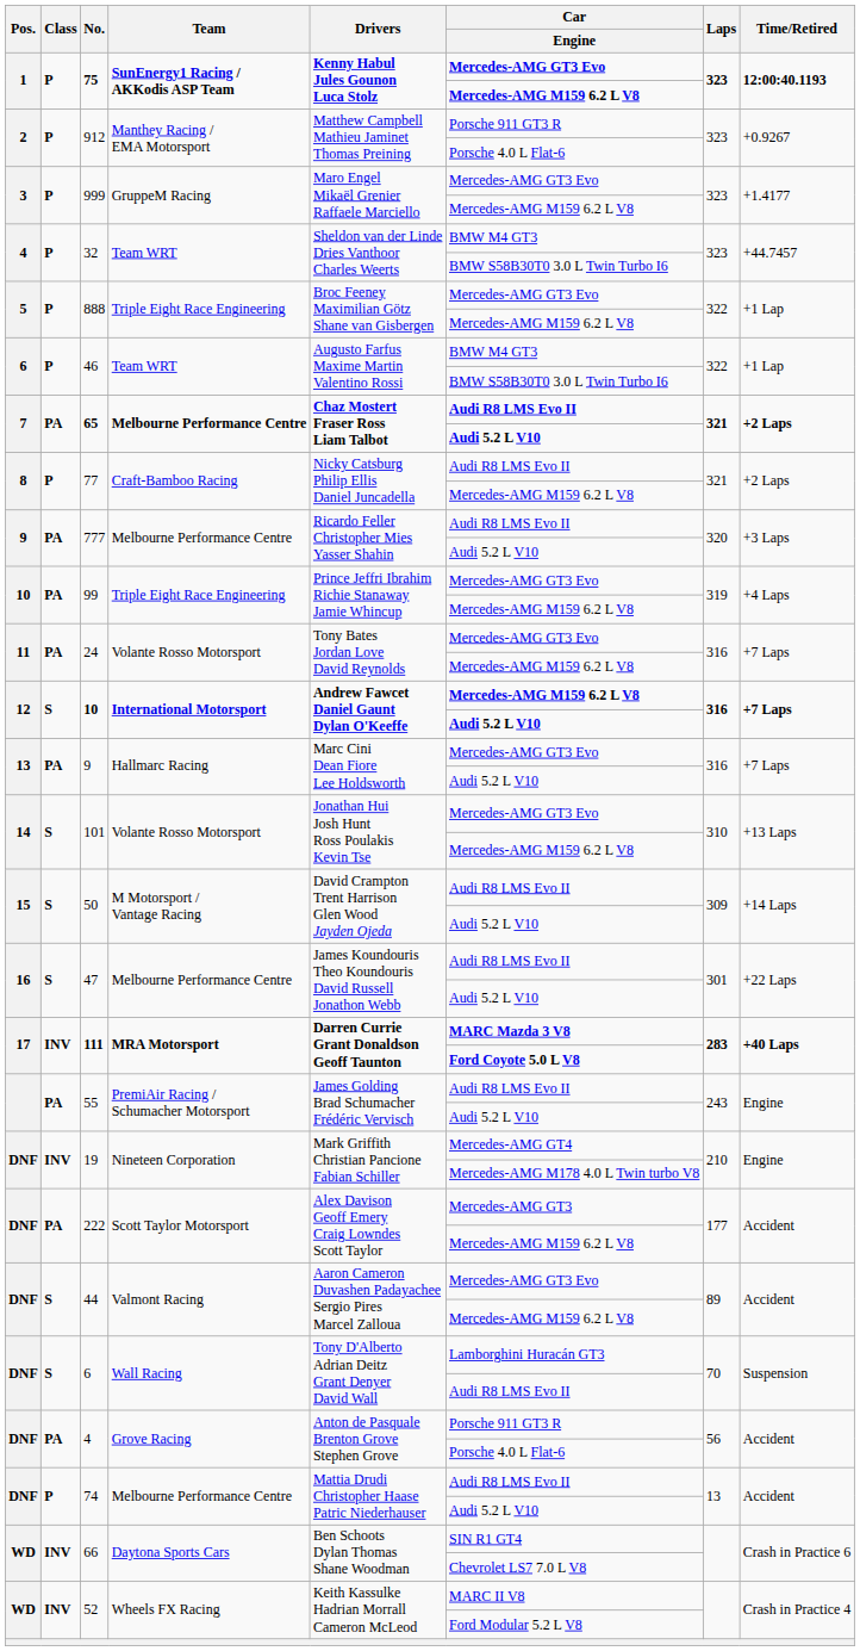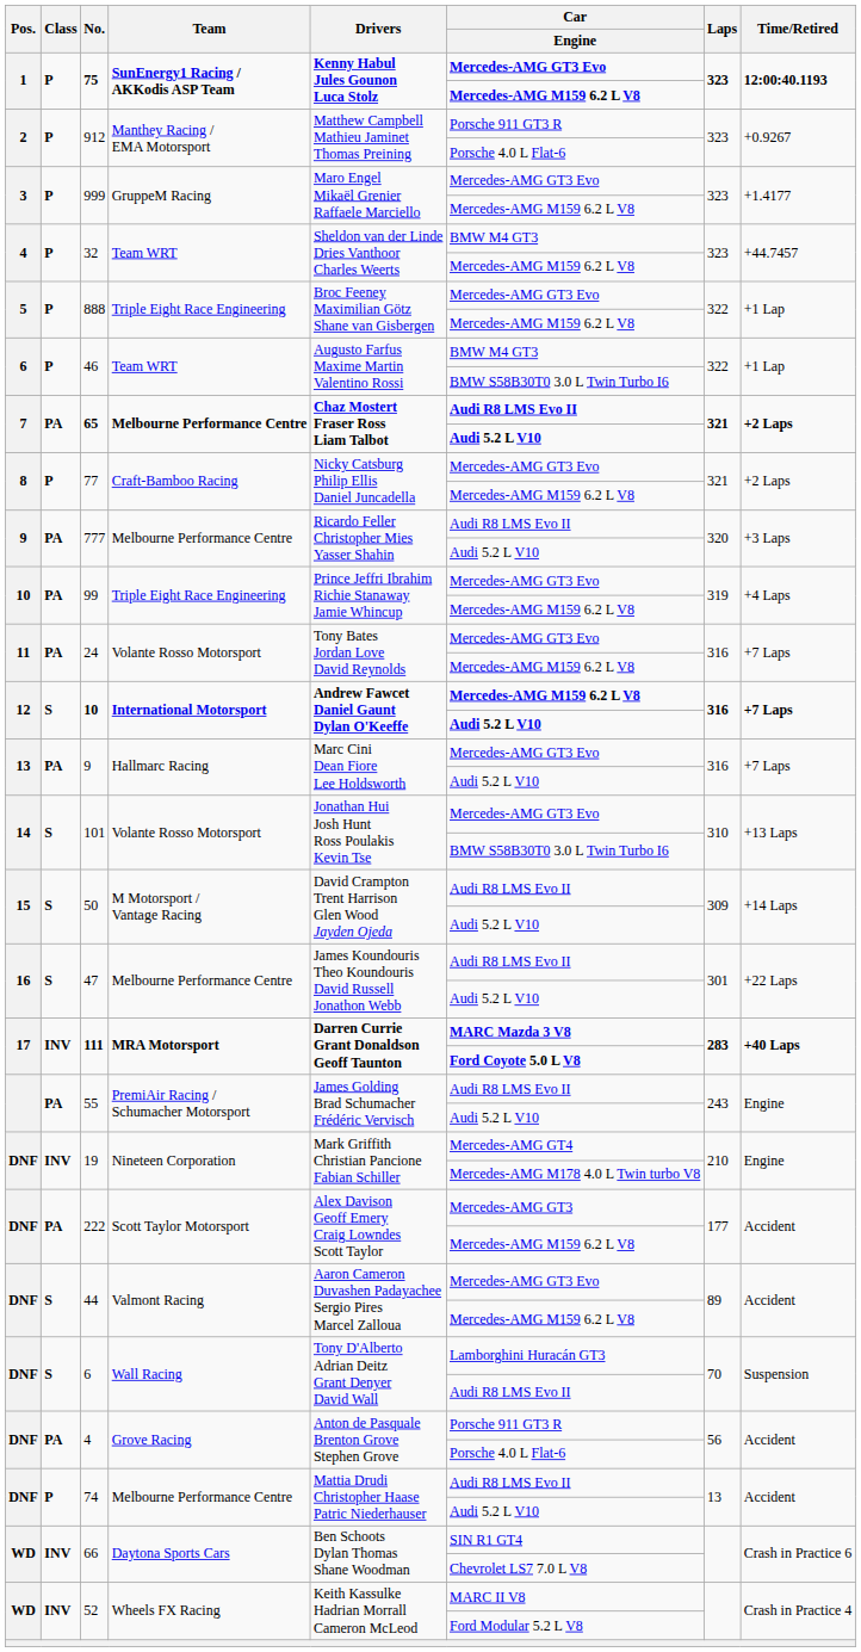 <table class="wikitable" style="font-size: 90%;">
 <tr>
 <th rowspan="2">Pos.</th>
 <th rowspan="2">Class</th>
 <th rowspan="2">No.</th>
 <th rowspan="2">Team</th>
 <th rowspan="2">Drivers</th>
 <th>Car</th>
 <th rowspan="2">Laps</th>
 <th rowspan="2">Time/Retired</th>
 </tr>
 <tr>
 <th>Engine</th>
 </tr>
 <tr style="font-weight: bold">
 <th rowspan="2">1</th>
 <td rowspan="2"><strong><span>P</span></strong></td>
 <td rowspan="2">75</td>
 <td rowspan="2"> <a href='#'>SunEnergy1 Racing</a> /<br> AKKodis ASP Team</td>
 <td rowspan="2"> <a href='#'>Kenny Habul</a><br> <a href='#'>Jules Gounon</a><br> <a href='#'>Luca Stolz</a></td>
 <td><a href='#'>Mercedes-AMG GT3 Evo</a></td>
 <td rowspan="2">323</td>
 <td rowspan="2">12:00:40.1193</td>
 </tr>
 <tr style="font-weight: bold">
 <td><a href='#'>Mercedes-AMG M159</a> 6.2 L <a href='#'>V8</a></td>
 </tr>
 <tr>
 <th rowspan="2">2</th>
 <td rowspan="2"><strong><span>P</span></strong></td>
 <td rowspan="2">912</td>
 <td rowspan="2"> <a href='#'>Manthey Racing</a> /<br> EMA Motorsport</td>
 <td rowspan="2"> <a href='#'>Matthew Campbell</a><br> <a href='#'>Mathieu Jaminet</a><br> <a href='#'>Thomas Preining</a></td>
 <td><a href='#'>Porsche 911 GT3 R</a></td>
 <td rowspan="2">323</td>
 <td rowspan="2">+0.9267</td>
 </tr>
 <tr>
 <td><a href='#'>Porsche</a> 4.0 L <a href='#'>Flat-6</a></td>
 </tr>
 <tr>
 <th rowspan="2">3</th>
 <td rowspan="2"><strong><span>P</span></strong></td>
 <td rowspan="2">999</td>
 <td rowspan="2"> GruppeM Racing</td>
 <td rowspan="2"> <a href='#'>Maro Engel</a><br> <a href='#'>Mikaël Grenier</a><br> <a href='#'>Raffaele Marciello</a></td>
 <td><a href='#'>Mercedes-AMG GT3 Evo</a></td>
 <td rowspan="2">323</td>
 <td rowspan="2">+1.4177</td>
 </tr>
 <tr>
 <td><a href='#'>Mercedes-AMG M159</a> 6.2 L <a href='#'>V8</a></td>
 </tr>
 <tr>
 <th rowspan="2">4</th>
 <td rowspan="2"><strong><span>P</span></strong></td>
 <td rowspan="2">32</td>
 <td rowspan="2"> <a href='#'>Team WRT</a></td>
 <td rowspan="2"> <a href='#'>Sheldon van der Linde</a><br> <a href='#'>Dries Vanthoor</a><br> <a href='#'>Charles Weerts</a></td>
 <td><a href='#'>BMW M4 GT3</a></td>
 <td rowspan="2">323</td>
 <td rowspan="2">+44.7457</td>
 </tr>
 <tr>
-<td><a href='#'>BMW S58B30T0</a> 3.0 L <a href='#'>Twin Turbo I6</a></td>
+<td><a href='#'>Mercedes-AMG M159</a> 6.2 L <a href='#'>V8</a></td>
 </tr>
 <tr>
 <th rowspan="2">5</th>
 <td rowspan="2"><strong><span>P</span></strong></td>
 <td rowspan="2">888</td>
 <td rowspan="2"> <a href='#'>Triple Eight Race Engineering</a></td>
 <td rowspan="2"> <a href='#'>Broc Feeney</a><br> <a href='#'>Maximilian Götz</a><br> <a href='#'>Shane van Gisbergen</a></td>
 <td><a href='#'>Mercedes-AMG GT3 Evo</a></td>
 <td rowspan="2">322</td>
 <td rowspan="2">+1 Lap</td>
 </tr>
 <tr>
 <td><a href='#'>Mercedes-AMG M159</a> 6.2 L <a href='#'>V8</a></td>
 </tr>
 <tr>
 <th rowspan="2">6</th>
 <td rowspan="2"><strong><span>P</span></strong></td>
 <td rowspan="2">46</td>
 <td rowspan="2"> <a href='#'>Team WRT</a></td>
 <td rowspan="2"> <a href='#'>Augusto Farfus</a><br> <a href='#'>Maxime Martin</a><br> <a href='#'>Valentino Rossi</a></td>
 <td><a href='#'>BMW M4 GT3</a></td>
 <td rowspan="2">322</td>
 <td rowspan="2">+1 Lap</td>
 </tr>
 <tr>
 <td><a href='#'>BMW S58B30T0</a> 3.0 L <a href='#'>Twin Turbo I6</a></td>
 </tr>
 <tr style="font-weight: bold">
 <th rowspan="2">7</th>
 <td rowspan="2"><strong><span>PA</span></strong></td>
 <td rowspan="2">65</td>
 <td rowspan="2"> Melbourne Performance Centre</td>
 <td rowspan="2"> <a href='#'>Chaz Mostert</a><br> Fraser Ross<br> Liam Talbot</td>
 <td><a href='#'>Audi R8 LMS Evo II</a></td>
 <td rowspan="2">321</td>
 <td rowspan="2">+2 Laps</td>
 </tr>
 <tr style="font-weight: bold">
 <td><a href='#'>Audi</a> 5.2 L <a href='#'>V10</a></td>
 </tr>
 <tr>
 <th rowspan="2">8</th>
 <td rowspan="2"><strong><span>P</span></strong></td>
 <td rowspan="2">77</td>
 <td rowspan="2"> <a href='#'>Craft-Bamboo Racing</a></td>
 <td rowspan="2"> <a href='#'>Nicky Catsburg</a><br> <a href='#'>Philip Ellis</a><br> <a href='#'>Daniel Juncadella</a></td>
-<td><a href='#'>Audi R8 LMS Evo II</a></td>
+<td><a href='#'>Mercedes-AMG GT3 Evo</a></td>
 <td rowspan="2">321</td>
 <td rowspan="2">+2 Laps</td>
 </tr>
 <tr>
 <td><a href='#'>Mercedes-AMG M159</a> 6.2 L <a href='#'>V8</a></td>
 </tr>
 <tr>
 <th rowspan="2">9</th>
 <td rowspan="2"><strong><span>PA</span></strong></td>
 <td rowspan="2">777</td>
 <td rowspan="2"> Melbourne Performance Centre</td>
 <td rowspan="2"> <a href='#'>Ricardo Feller</a><br> <a href='#'>Christopher Mies</a><br> <a href='#'>Yasser Shahin</a></td>
 <td><a href='#'>Audi R8 LMS Evo II</a></td>
 <td rowspan="2">320</td>
 <td rowspan="2">+3 Laps</td>
 </tr>
 <tr>
 <td><a href='#'>Audi</a> 5.2 L <a href='#'>V10</a></td>
 </tr>
 <tr>
 <th rowspan="2">10</th>
 <td rowspan="2"><strong><span>PA</span></strong></td>
 <td rowspan="2">99</td>
 <td rowspan="2"> <a href='#'>Triple Eight Race Engineering</a></td>
 <td rowspan="2"> <a href='#'>Prince Jeffri Ibrahim</a><br> <a href='#'>Richie Stanaway</a><br> <a href='#'>Jamie Whincup</a></td>
 <td><a href='#'>Mercedes-AMG GT3 Evo</a></td>
 <td rowspan="2">319</td>
 <td rowspan="2">+4 Laps</td>
 </tr>
 <tr>
 <td><a href='#'>Mercedes-AMG M159</a> 6.2 L <a href='#'>V8</a></td>
 </tr>
 <tr>
 <th rowspan="2">11</th>
 <td rowspan="2"><strong><span>PA</span></strong></td>
 <td rowspan="2">24</td>
 <td rowspan="2"> Volante Rosso Motorsport</td>
 <td rowspan="2"> Tony Bates<br> <a href='#'>Jordan Love</a><br> <a href='#'>David Reynolds</a></td>
 <td><a href='#'>Mercedes-AMG GT3 Evo</a></td>
 <td rowspan="2">316</td>
 <td rowspan="2">+7 Laps</td>
 </tr>
 <tr>
 <td><a href='#'>Mercedes-AMG M159</a> 6.2 L <a href='#'>V8</a></td>
 </tr>
 <tr style="font-weight: bold">
 <th rowspan="2">12</th>
 <td rowspan="2"><strong><span>S</span></strong></td>
 <td rowspan="2">10</td>
 <td rowspan="2"> <a href='#'>International Motorsport</a></td>
 <td rowspan="2"> Andrew Fawcet<br> <a href='#'>Daniel Gaunt</a><br> <a href='#'>Dylan O'Keeffe</a></td>
 <td><a href='#'>Mercedes-AMG M159</a> 6.2 L <a href='#'>V8</a></td>
 <td rowspan="2">316</td>
 <td rowspan="2">+7 Laps</td>
 </tr>
 <tr style="font-weight: bold">
 <td><a href='#'>Audi</a> 5.2 L <a href='#'>V10</a></td>
 </tr>
 <tr>
 <th rowspan="2">13</th>
 <td rowspan="2"><strong><span>PA</span></strong></td>
 <td rowspan="2">9</td>
 <td rowspan="2"> Hallmarc Racing</td>
 <td rowspan="2"> Marc Cini<br> <a href='#'>Dean Fiore</a><br> <a href='#'>Lee Holdsworth</a></td>
 <td><a href='#'>Mercedes-AMG GT3 Evo</a></td>
 <td rowspan="2">316</td>
 <td rowspan="2">+7 Laps</td>
 </tr>
 <tr>
 <td><a href='#'>Audi</a> 5.2 L <a href='#'>V10</a></td>
 </tr>
 <tr>
 <th rowspan="2">14</th>
 <td rowspan="2"><strong><span>S</span></strong></td>
 <td rowspan="2">101</td>
 <td rowspan="2"> Volante Rosso Motorsport</td>
 <td rowspan="2"> <a href='#'>Jonathan Hui</a><br> Josh Hunt<br> Ross Poulakis<br> <a href='#'>Kevin Tse</a></td>
 <td><a href='#'>Mercedes-AMG GT3 Evo</a></td>
 <td rowspan="2">310</td>
 <td rowspan="2">+13 Laps</td>
 </tr>
 <tr>
-<td><a href='#'>Mercedes-AMG M159</a> 6.2 L <a href='#'>V8</a></td>
+<td><a href='#'>BMW S58B30T0</a> 3.0 L <a href='#'>Twin Turbo I6</a></td>
 </tr>
 <tr>
 <th rowspan="2">15</th>
 <td rowspan="2"><strong><span>S</span></strong></td>
 <td rowspan="2">50</td>
 <td rowspan="2"> M Motorsport /<br> Vantage Racing</td>
 <td rowspan="2"> David Crampton<br> Trent Harrison<br> Glen Wood<br> <em><a href='#'>Jayden Ojeda</a></em></td>
 <td><a href='#'>Audi R8 LMS Evo II</a></td>
 <td rowspan="2">309</td>
 <td rowspan="2">+14 Laps</td>
 </tr>
 <tr>
 <td><a href='#'>Audi</a> 5.2 L <a href='#'>V10</a></td>
 </tr>
 <tr>
 <th rowspan="2">16</th>
 <td rowspan="2"><strong><span>S</span></strong></td>
 <td rowspan="2">47</td>
 <td rowspan="2"> Melbourne Performance Centre</td>
 <td rowspan="2"> James Koundouris<br> Theo Koundouris<br> <a href='#'>David Russell</a><br> <a href='#'>Jonathon Webb</a></td>
 <td><a href='#'>Audi R8 LMS Evo II</a></td>
 <td rowspan="2">301</td>
 <td rowspan="2">+22 Laps</td>
 </tr>
 <tr>
 <td><a href='#'>Audi</a> 5.2 L <a href='#'>V10</a></td>
 </tr>
 <tr style="font-weight: bold">
 <th rowspan="2">17</th>
 <td rowspan="2"><strong><span>INV</span></strong></td>
 <td rowspan="2">111</td>
 <td rowspan="2"> MRA Motorsport</td>
 <td rowspan="2"> Darren Currie<br> Grant Donaldson<br> Geoff Taunton</td>
 <td><a href='#'>MARC Mazda 3 V8</a></td>
 <td rowspan="2">283</td>
 <td rowspan="2">+40 Laps</td>
 </tr>
 <tr style="font-weight: bold">
 <td><a href='#'>Ford Coyote</a> 5.0 L <a href='#'>V8</a></td>
 </tr>
 <tr>
 <th rowspan="2"></th>
 <td rowspan="2"><strong><span>PA</span></strong></td>
 <td rowspan="2">55</td>
 <td rowspan="2"> <a href='#'>PremiAir Racing</a> /<br> Schumacher Motorsport</td>
 <td rowspan="2"> <a href='#'>James Golding</a><br> Brad Schumacher<br> <a href='#'>Frédéric Vervisch</a></td>
 <td><a href='#'>Audi R8 LMS Evo II</a></td>
 <td rowspan="2">243</td>
 <td rowspan="2">Engine</td>
 </tr>
 <tr>
 <td><a href='#'>Audi</a> 5.2 L <a href='#'>V10</a></td>
 </tr>
 <tr>
 <th rowspan="2">DNF</th>
 <td rowspan="2"><strong><span>INV</span></strong></td>
 <td rowspan="2">19</td>
 <td rowspan="2"> Nineteen Corporation</td>
 <td rowspan="2"> Mark Griffith<br> Christian Pancione<br> <a href='#'>Fabian Schiller</a></td>
 <td><a href='#'>Mercedes-AMG GT4</a></td>
 <td rowspan="2">210</td>
 <td rowspan="2">Engine</td>
 </tr>
 <tr>
 <td><a href='#'>Mercedes-AMG M178</a> 4.0 L <a href='#'>Twin turbo V8</a></td>
 </tr>
 <tr>
 <th rowspan="2">DNF</th>
 <td rowspan="2"><strong><span>PA</span></strong></td>
 <td rowspan="2">222</td>
 <td rowspan="2"> Scott Taylor Motorsport</td>
 <td rowspan="2"> <a href='#'>Alex Davison</a><br> <a href='#'>Geoff Emery</a><br> <a href='#'>Craig Lowndes</a><br> Scott Taylor</td>
 <td><a href='#'>Mercedes-AMG GT3</a></td>
 <td rowspan="2">177</td>
 <td rowspan="2">Accident</td>
 </tr>
 <tr>
 <td><a href='#'>Mercedes-AMG M159</a> 6.2 L <a href='#'>V8</a></td>
 </tr>
 <tr>
 <th rowspan="2">DNF</th>
 <td rowspan="2"><strong><span>S</span></strong></td>
 <td rowspan="2">44</td>
 <td rowspan="2"> Valmont Racing</td>
 <td rowspan="2"> <a href='#'>Aaron Cameron</a><br> <a href='#'>Duvashen Padayachee</a><br> Sergio Pires <br> Marcel Zalloua</td>
 <td><a href='#'>Mercedes-AMG GT3 Evo</a></td>
 <td rowspan="2">89</td>
 <td rowspan="2">Accident</td>
 </tr>
 <tr>
 <td><a href='#'>Mercedes-AMG M159</a> 6.2 L <a href='#'>V8</a></td>
 </tr>
 <tr>
 <th rowspan="2">DNF</th>
 <td rowspan="2"><strong><span>S</span></strong></td>
 <td rowspan="2">6</td>
 <td rowspan="2"> <a href='#'>Wall Racing</a></td>
 <td rowspan="2"> <a href='#'>Tony D'Alberto</a><br> Adrian Deitz<br> <a href='#'>Grant Denyer</a><br> <a href='#'>David Wall</a></td>
 <td><a href='#'>Lamborghini Huracán GT3</a></td>
 <td rowspan="2">70</td>
 <td rowspan="2">Suspension</td>
 </tr>
 <tr>
 <td><a href='#'>Audi R8 LMS Evo II</a></td>
 </tr>
 <tr>
 <th rowspan="2">DNF</th>
 <td rowspan="2"><strong><span>PA</span></strong></td>
 <td rowspan="2">4</td>
 <td rowspan="2"> <a href='#'>Grove Racing</a></td>
 <td rowspan="2"> <a href='#'>Anton de Pasquale</a><br> <a href='#'>Brenton Grove</a><br> Stephen Grove</td>
 <td><a href='#'>Porsche 911 GT3 R</a></td>
 <td rowspan="2">56</td>
 <td rowspan="2">Accident</td>
 </tr>
 <tr>
 <td><a href='#'>Porsche</a> 4.0 L <a href='#'>Flat-6</a></td>
 </tr>
 <tr>
 <th rowspan="2">DNF</th>
 <td rowspan="2"><strong><span>P</span></strong></td>
 <td rowspan="2">74</td>
 <td rowspan="2"> Melbourne Performance Centre</td>
 <td rowspan="2"> <a href='#'>Mattia Drudi</a><br> <a href='#'>Christopher Haase</a><br> <a href='#'>Patric Niederhauser</a></td>
 <td><a href='#'>Audi R8 LMS Evo II</a></td>
 <td rowspan="2">13</td>
 <td rowspan="2">Accident</td>
 </tr>
 <tr>
 <td><a href='#'>Audi</a> 5.2 L <a href='#'>V10</a></td>
 </tr>
 <tr>
 <th rowspan="2">WD</th>
 <td rowspan="2"><strong><span>INV</span></strong></td>
 <td rowspan="2">66</td>
 <td rowspan="2"> <a href='#'>Daytona Sports Cars</a></td>
 <td rowspan="2"> Ben Schoots<br> Dylan Thomas<br> Shane Woodman</td>
 <td><a href='#'>SIN R1 GT4</a></td>
 <td rowspan="2"></td>
 <td rowspan="2">Crash in Practice 6</td>
 </tr>
 <tr>
 <td><a href='#'>Chevrolet LS7</a> 7.0 L <a href='#'>V8</a></td>
 </tr>
 <tr>
 <th rowspan="2">WD</th>
 <td rowspan="2"><strong><span>INV</span></strong></td>
 <td rowspan="2">52</td>
 <td rowspan="2"> Wheels FX Racing</td>
 <td rowspan="2"> Keith Kassulke<br> Hadrian Morrall<br> Cameron McLeod</td>
 <td><a href='#'>MARC II V8</a></td>
 <td rowspan="2"></td>
 <td rowspan="2">Crash in Practice 4</td>
 </tr>
 <tr>
 <td><a href='#'>Ford Modular</a> 5.2 L <a href='#'>V8</a></td>
 </tr>
 <tr>
 <th colspan=8></th>
 </tr>
 </table>
